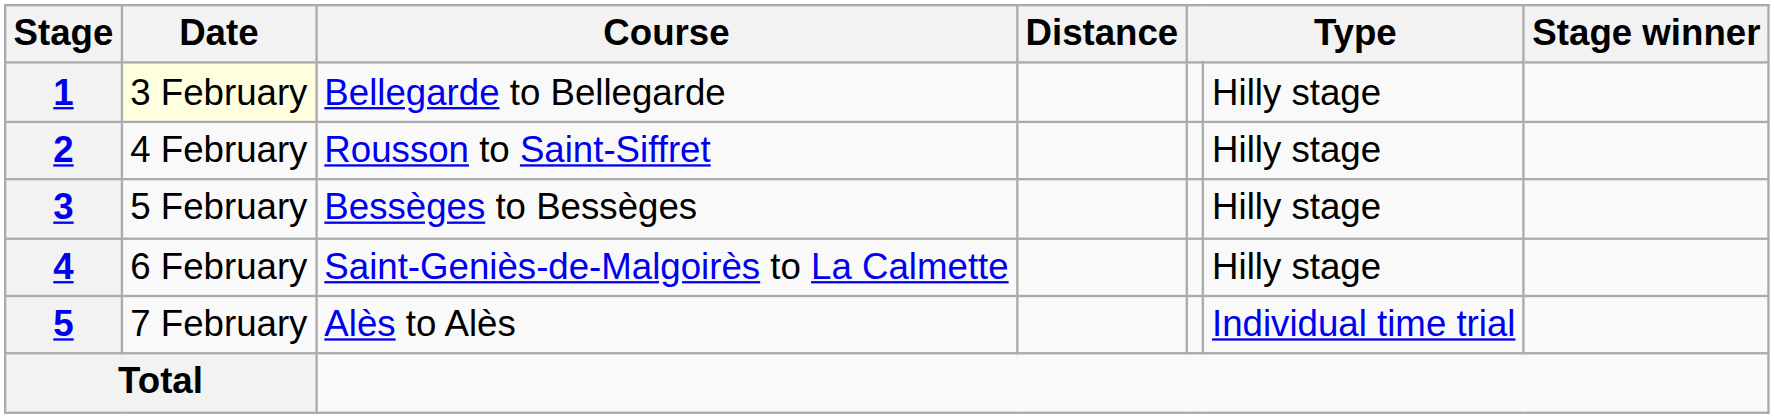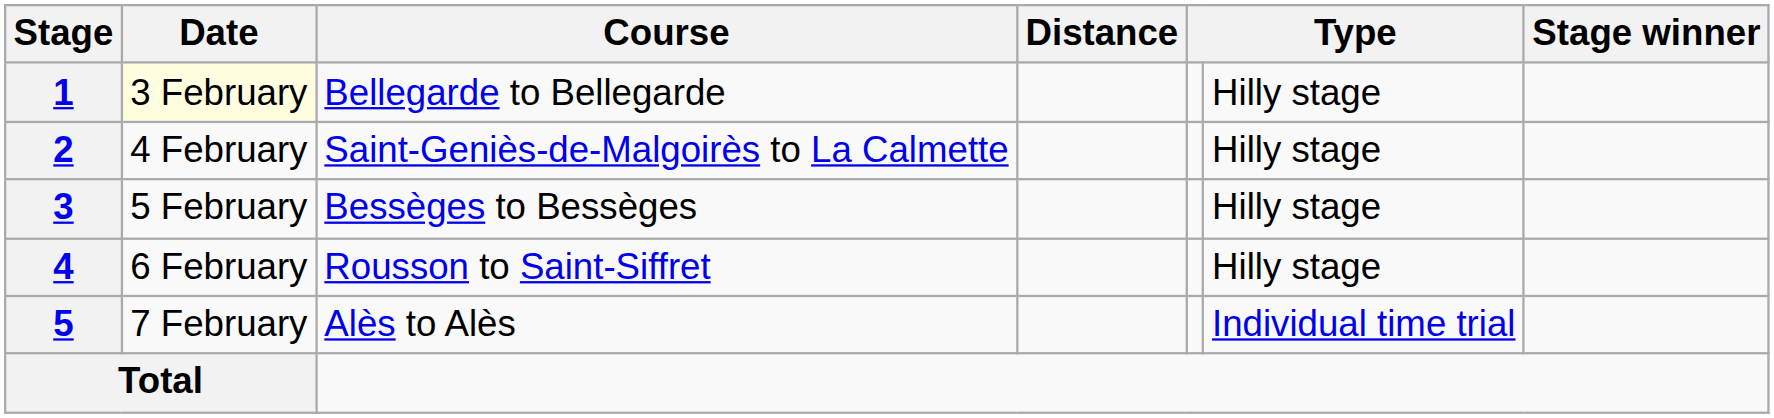 <table class="wikitable">
 <tr>
 <th scope="col">Stage</th>
 <th scope="col">Date</th>
 <th scope="col">Course</th>
 <th scope="col">Distance</th>
 <th scope="col" colspan="2">Type</th>
 <th scope="col">Stage winner</th>
 </tr>
 <tr>
 <th scope="row"><a href='#'>1</a></th>
 <td style="background: lightyellow;">3 February</td>
 <td><a href='#'>Bellegarde</a> to Bellegarde</td>
 <td style="text-align:center;"></td>
 <td></td>
 <td>Hilly stage</td>
 <td></td>
 </tr>
 <tr>
 <th scope="row"><a href='#'>2</a></th>
 <td>4 February</td>
-<td><a href='#'>Rousson</a> to <a href='#'>Saint-Siffret</a></td>
+<td><a href='#'>Saint-Geniès-de-Malgoirès</a> to <a href='#'>La Calmette</a></td>
 <td style="text-align:center;"></td>
 <td></td>
 <td>Hilly stage</td>
 <td></td>
 </tr>
 <tr>
 <th scope="row"><a href='#'>3</a></th>
 <td>5 February</td>
 <td><a href='#'>Bessèges</a> to Bessèges</td>
 <td style="text-align:center;"></td>
 <td></td>
 <td>Hilly stage</td>
 <td></td>
 </tr>
 <tr>
 <th scope="row"><a href='#'>4</a></th>
 <td>6 February</td>
-<td><a href='#'>Saint-Geniès-de-Malgoirès</a> to <a href='#'>La Calmette</a></td>
+<td><a href='#'>Rousson</a> to <a href='#'>Saint-Siffret</a></td>
 <td style="text-align:center;"></td>
 <td></td>
 <td>Hilly stage</td>
 <td></td>
 </tr>
 <tr>
 <th scope="row"><a href='#'>5</a></th>
 <td>7 February</td>
 <td><a href='#'>Alès</a> to Alès</td>
 <td style="text-align:center;"></td>
 <td></td>
 <td><a href='#'>Individual time trial</a></td>
 <td></td>
 </tr>
 <tr>
 <th colspan="2">Total</th>
 <td colspan="5" style="text-align:center;"></td>
 </tr>
 </table>
